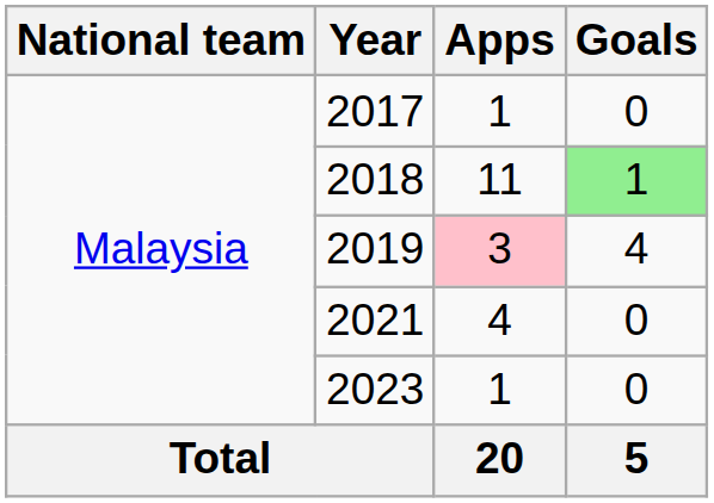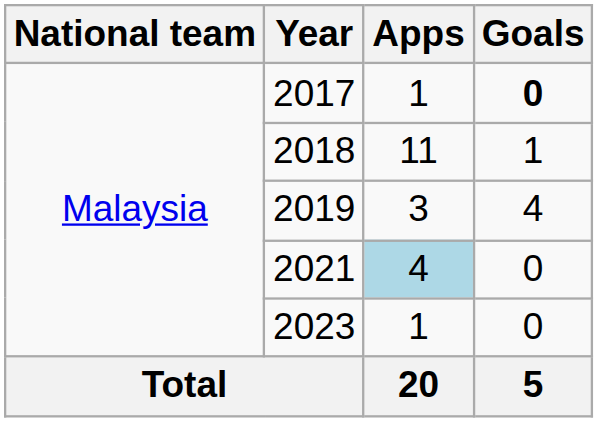 <table class=wikitable style="text-align: center;">
 <tr>
 <th>National team</th>
 <th>Year</th>
 <th>Apps</th>
 <th>Goals</th>
 </tr>
 <tr>
 <td rowspan=5><a href='#'>Malaysia</a></td>
 <td>2017</td>
 <td>1</td>
-<td>0</td>
+<td><strong>0</strong></td>
 </tr>
 <tr>
 <td>2018</td>
 <td>11</td>
-<td style="background: lightgreen;">1</td>
+<td>1</td>
 </tr>
 <tr>
 <td>2019</td>
-<td style="background: pink;">3</td>
+<td>3</td>
 <td>4</td>
 </tr>
 <tr>
 <td>2021</td>
-<td>4</td>
+<td style="background: lightblue;">4</td>
 <td>0</td>
 </tr>
 <tr>
 <td>2023</td>
 <td>1</td>
 <td>0</td>
 </tr>
 <tr>
 <th colspan=2>Total</th>
 <th>20</th>
 <th>5</th>
 </tr>
 </table>
